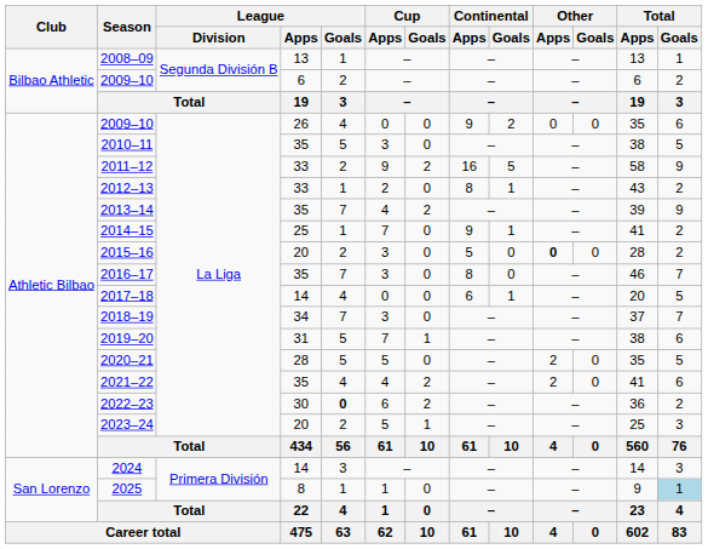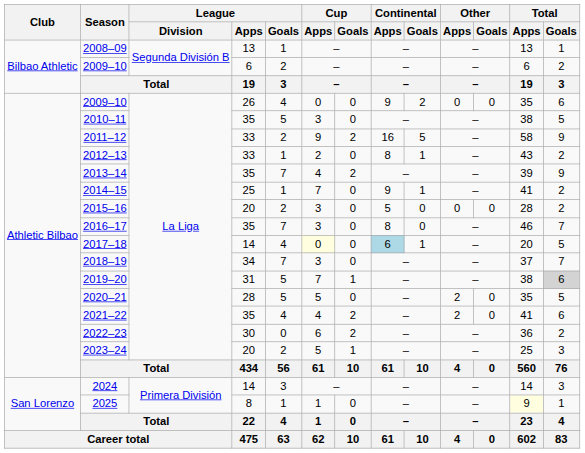 <table class="wikitable" style="text-align:center">
 <tr>
 <th rowspan="2">Club</th>
 <th rowspan="2">Season</th>
 <th colspan="3">League</th>
 <th colspan="2">Cup</th>
 <th colspan="2">Continental</th>
 <th colspan="2">Other</th>
 <th colspan="2">Total</th>
 </tr>
 <tr>
 <th>Division</th>
 <th>Apps</th>
 <th>Goals</th>
 <th>Apps</th>
 <th>Goals</th>
 <th>Apps</th>
 <th>Goals</th>
 <th>Apps</th>
 <th>Goals</th>
 <th>Apps</th>
 <th>Goals</th>
 </tr>
 <tr>
 <td rowspan="3"><a href='#'>Bilbao Athletic</a></td>
 <td><a href='#'>2008–09</a></td>
 <td rowspan="2"><a href='#'>Segunda División B</a></td>
 <td>13</td>
 <td>1</td>
 <td colspan="2">–</td>
 <td colspan="2">–</td>
 <td colspan="2">–</td>
 <td>13</td>
 <td>1</td>
 </tr>
 <tr>
 <td><a href='#'>2009–10</a></td>
 <td>6</td>
 <td>2</td>
 <td colspan="2">–</td>
 <td colspan="2">–</td>
 <td colspan="2">–</td>
 <td>6</td>
 <td>2</td>
 </tr>
 <tr>
 <th colspan="2">Total</th>
 <th>19</th>
 <th>3</th>
 <th colspan="2">–</th>
 <th colspan="2">–</th>
 <th colspan="2">–</th>
 <th>19</th>
 <th>3</th>
 </tr>
 <tr>
 <td rowspan="16"><a href='#'>Athletic Bilbao</a></td>
 <td><a href='#'>2009–10</a></td>
 <td rowspan="15"><a href='#'>La Liga</a></td>
 <td>26</td>
 <td>4</td>
 <td>0</td>
 <td>0</td>
 <td>9</td>
 <td>2</td>
 <td>0</td>
 <td>0</td>
 <td>35</td>
 <td>6</td>
 </tr>
 <tr>
 <td><a href='#'>2010–11</a></td>
 <td>35</td>
 <td>5</td>
 <td>3</td>
 <td>0</td>
 <td colspan="2">–</td>
 <td colspan="2">–</td>
 <td>38</td>
 <td>5</td>
 </tr>
 <tr>
 <td><a href='#'>2011–12</a></td>
 <td>33</td>
 <td>2</td>
 <td>9</td>
 <td>2</td>
 <td>16</td>
 <td>5</td>
 <td colspan="2">–</td>
 <td>58</td>
 <td>9</td>
 </tr>
 <tr>
 <td><a href='#'>2012–13</a></td>
 <td>33</td>
 <td>1</td>
 <td>2</td>
 <td>0</td>
 <td>8</td>
 <td>1</td>
 <td colspan="2">–</td>
 <td>43</td>
 <td>2</td>
 </tr>
 <tr>
 <td><a href='#'>2013–14</a></td>
 <td>35</td>
 <td>7</td>
 <td>4</td>
 <td>2</td>
 <td colspan="2">–</td>
 <td colspan="2">–</td>
 <td>39</td>
 <td>9</td>
 </tr>
 <tr>
 <td><a href='#'>2014–15</a></td>
 <td>25</td>
 <td>1</td>
 <td>7</td>
 <td>0</td>
 <td>9</td>
 <td>1</td>
 <td colspan="2">–</td>
 <td>41</td>
 <td>2</td>
 </tr>
 <tr>
 <td><a href='#'>2015–16</a></td>
 <td>20</td>
 <td>2</td>
 <td>3</td>
 <td>0</td>
 <td>5</td>
 <td>0</td>
-<td><strong>0</strong></td>
+<td>0</td>
 <td>0</td>
 <td>28</td>
 <td>2</td>
 </tr>
 <tr>
 <td><a href='#'>2016–17</a></td>
 <td>35</td>
 <td>7</td>
 <td>3</td>
 <td>0</td>
 <td>8</td>
 <td>0</td>
 <td colspan="2">–</td>
 <td>46</td>
 <td>7</td>
 </tr>
 <tr>
 <td><a href='#'>2017–18</a></td>
 <td>14</td>
 <td>4</td>
+<td style="background: lightyellow;">0</td>
 <td>0</td>
-<td>0</td>
-<td>6</td>
+<td style="background: lightblue;">6</td>
 <td>1</td>
 <td colspan="2">–</td>
 <td>20</td>
 <td>5</td>
 </tr>
 <tr>
 <td><a href='#'>2018–19</a></td>
 <td>34</td>
 <td>7</td>
 <td>3</td>
 <td>0</td>
 <td colspan="2">–</td>
 <td colspan="2">–</td>
 <td>37</td>
 <td>7</td>
 </tr>
 <tr>
 <td><a href='#'>2019–20</a></td>
 <td>31</td>
 <td>5</td>
 <td>7</td>
 <td>1</td>
 <td colspan="2">–</td>
 <td colspan="2">–</td>
 <td>38</td>
-<td>6</td>
+<td style="background: lightgrey;">6</td>
 </tr>
 <tr>
 <td><a href='#'>2020–21</a></td>
 <td>28</td>
 <td>5</td>
 <td>5</td>
 <td>0</td>
 <td colspan="2">–</td>
 <td>2</td>
 <td>0</td>
 <td>35</td>
 <td>5</td>
 </tr>
 <tr>
 <td><a href='#'>2021–22</a></td>
 <td>35</td>
 <td>4</td>
 <td>4</td>
 <td>2</td>
 <td colspan="2">–</td>
 <td>2</td>
 <td>0</td>
 <td>41</td>
 <td>6</td>
 </tr>
 <tr>
 <td><a href='#'>2022–23</a></td>
 <td>30</td>
-<td><strong>0</strong></td>
+<td>0</td>
 <td>6</td>
 <td>2</td>
 <td colspan="2">–</td>
 <td colspan="2">–</td>
 <td>36</td>
 <td>2</td>
 </tr>
 <tr>
 <td><a href='#'>2023–24</a></td>
 <td>20</td>
 <td>2</td>
 <td>5</td>
 <td>1</td>
 <td colspan="2">–</td>
 <td colspan="2">–</td>
 <td>25</td>
 <td>3</td>
 </tr>
 <tr>
 <th colspan="2">Total</th>
 <th>434</th>
 <th>56</th>
 <th>61</th>
 <th>10</th>
 <th>61</th>
 <th>10</th>
 <th>4</th>
 <th>0</th>
 <th>560</th>
 <th>76</th>
 </tr>
 <tr>
 <td rowspan="3"><a href='#'>San Lorenzo</a></td>
 <td><a href='#'>2024</a></td>
 <td rowspan="2"><a href='#'>Primera División</a></td>
 <td>14</td>
 <td>3</td>
 <td colspan="2">–</td>
 <td colspan="2">–</td>
 <td colspan="2">–</td>
 <td>14</td>
 <td>3</td>
 </tr>
 <tr>
 <td><a href='#'>2025</a></td>
 <td>8</td>
 <td>1</td>
 <td>1</td>
 <td>0</td>
 <td colspan="2">–</td>
 <td colspan="2">–</td>
-<td>9</td>
-<td style="background: lightblue;">1</td>
+<td style="background: lightyellow;">9</td>
+<td>1</td>
 </tr>
 <tr>
 <th colspan="2">Total</th>
 <th>22</th>
 <th>4</th>
 <th>1</th>
 <th>0</th>
 <th colspan="2">–</th>
 <th colspan="2">–</th>
 <th>23</th>
 <th>4</th>
 </tr>
 <tr>
 <th colspan="3">Career total</th>
 <th>475</th>
 <th>63</th>
 <th>62</th>
 <th>10</th>
 <th>61</th>
 <th>10</th>
 <th>4</th>
 <th>0</th>
 <th>602</th>
 <th>83</th>
 </tr>
 </table>
